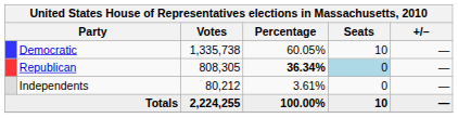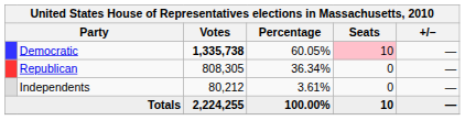 <table class="wikitable" style="font-size: 95%;">
 <tr>
 <th colspan="6">United States House of Representatives elections in Massachusetts, 2010</th>
 </tr>
 <tr>
 <th colspan=2 style="width: 15em">Party</th>
 <th style="width: 5em">Votes</th>
 <th style="width: 7em">Percentage</th>
 <th style="width: 5em">Seats</th>
 <th style="width: 5em">+/–</th>
 </tr>
 <tr>
 <th style="background-color:#3333FF; width: 3px"></th>
 <td style="width: 130px"><a href='#'>Democratic</a></td>
-<td align="right">1,335,738</td>
+<td align="right"><strong>1,335,738</strong></td>
 <td align="right">60.05%</td>
-<td align="right">10</td>
+<td align="right" style="background: pink;">10</td>
 <td align="right">—</td>
 </tr>
 <tr>
 <th style="background-color:#FF3333; width: 3px"></th>
 <td style="width: 130px"><a href='#'>Republican</a></td>
 <td align="right">808,305</td>
-<td align="right"><strong>36.34%</strong></td>
-<td align="right" style="background: lightblue;">0</td>
+<td align="right">36.34%</td>
+<td align="right">0</td>
 <td align="right">—</td>
 </tr>
 <tr>
 <th style="background-color:#DDDDDD; width: 3px"></th>
 <td style="width: 130px">Independents</td>
 <td align="right">80,212</td>
 <td align="right">3.61%</td>
 <td align="right">0</td>
 <td align="right">—</td>
 </tr>
 <tr bgcolor="#EEEEEE">
 <td colspan="2" align="right"><strong>Totals</strong></td>
 <td align="right"><strong>2,224,255</strong></td>
 <td align="right"><strong>100.00%</strong></td>
 <td align="right"><strong>10</strong></td>
 <td align="right"><strong>—</strong></td>
 </tr>
 <tr bgcolor="#EEEEEE">
 </tr>
 </table>
